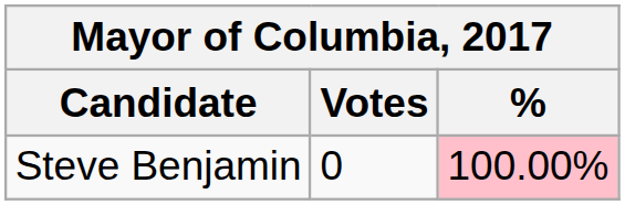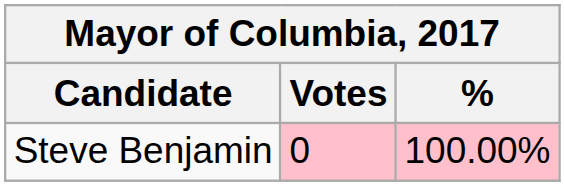 <table class="wikitable">
 <tr>
 <th colspan="3">Mayor of Columbia, 2017</th>
 </tr>
 <tr>
 <th>Candidate</th>
 <th>Votes</th>
 <th>%</th>
 </tr>
 <tr>
 <td>Steve Benjamin</td>
-<td>0</td>
+<td style="background: pink;">0</td>
 <td style="background: pink;">100.00%</td>
 </tr>
 </table>
